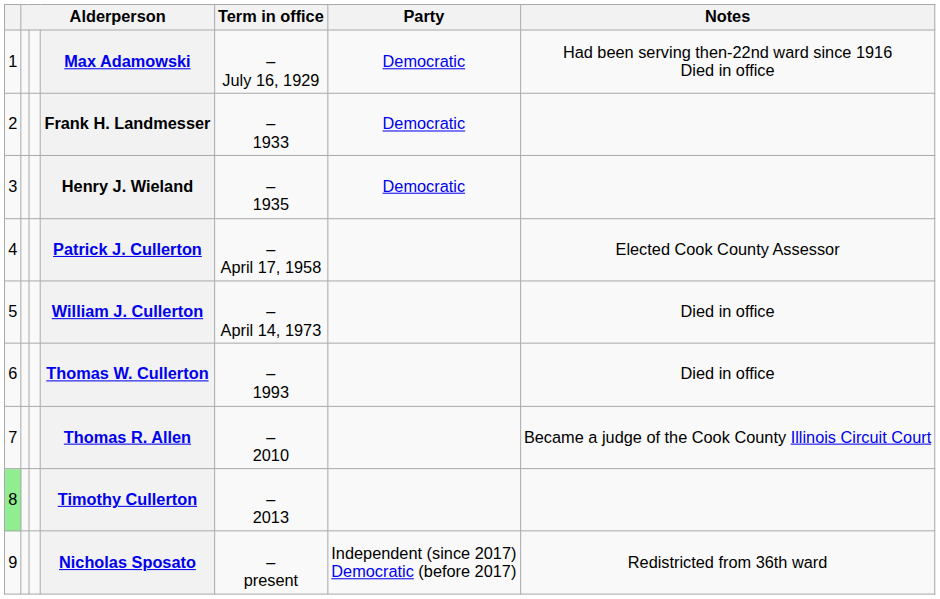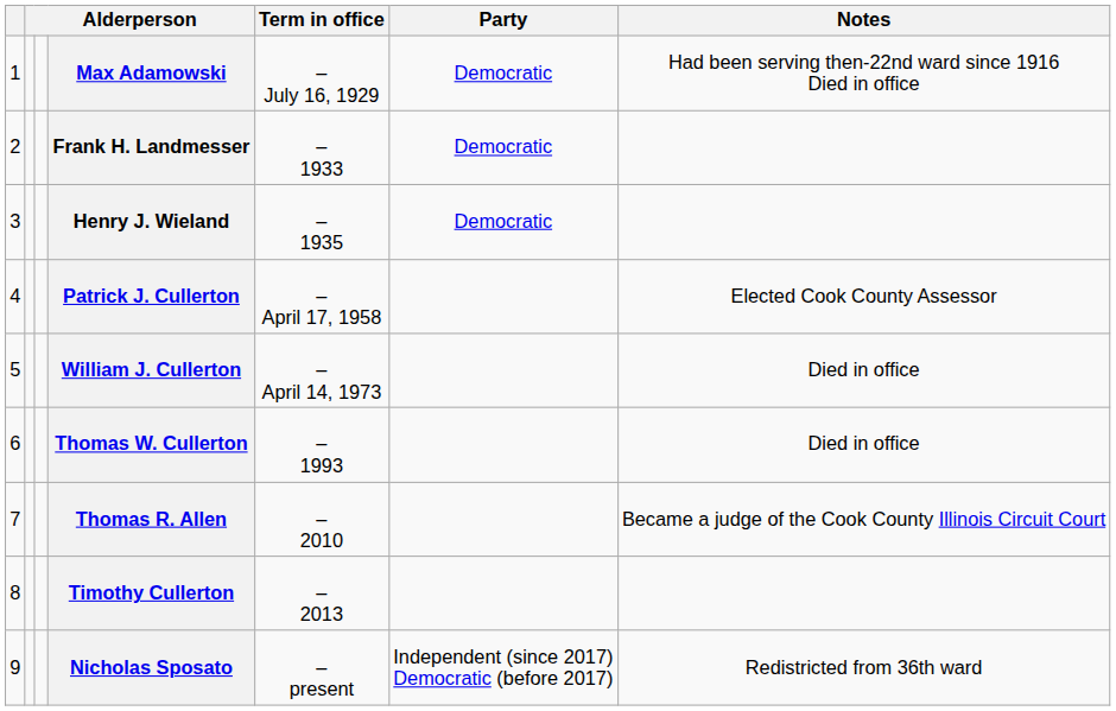 <table class="wikitable sortable" style="text-align:center;">
 <tr>
 <th scope="col"></th>
 <th scope="col" colspan="3">Alderperson</th>
 <th scope="col">Term in office</th>
 <th scope="col">Party</th>
 <th scope="col">Notes</th>
 </tr>
 <tr style="height:2em;">
 <td>1</td>
 <td></td>
 <td> </td>
 <th scope="row"><a href='#'>Max Adamowski</a></th>
 <td><br>–<br>July 16, 1929</td>
 <td><a href='#'>Democratic</a></td>
 <td>Had been serving then-22nd ward since 1916<br>Died in office</td>
 </tr>
 <tr style="height:2em;">
 <td>2</td>
 <td></td>
 <td> </td>
 <th scope="row">Frank H. Landmesser</th>
 <td><br>–<br>1933</td>
 <td><a href='#'>Democratic</a></td>
 <td></td>
 </tr>
 <tr style="height:2em;">
 <td>3</td>
 <td></td>
 <td> </td>
 <th scope="row">Henry J. Wieland</th>
 <td><br>–<br>1935</td>
 <td><a href='#'>Democratic</a></td>
 <td></td>
 </tr>
 <tr style="height:2em;">
 <td>4</td>
 <td></td>
 <td></td>
 <th scope="row"><a href='#'>Patrick J. Cullerton</a></th>
 <td><br>–<br>April 17, 1958</td>
 <td></td>
 <td>Elected Cook County Assessor</td>
 </tr>
 <tr style="height:2em;">
 <td>5</td>
 <td></td>
 <td></td>
 <th scope="row"><a href='#'>William J. Cullerton</a></th>
 <td><br>–<br>April 14, 1973</td>
 <td></td>
 <td>Died in office</td>
 </tr>
 <tr style="height:2em;">
 <td>6</td>
 <td></td>
 <td></td>
 <th scope="row"><a href='#'>Thomas W. Cullerton</a></th>
 <td><br>–<br>1993</td>
 <td></td>
 <td>Died in office</td>
 </tr>
 <tr style="height:2em;">
 <td>7</td>
 <td></td>
 <td></td>
 <th scope="row"><a href='#'>Thomas R. Allen</a></th>
 <td><br>–<br>2010</td>
 <td></td>
 <td>Became a judge of the Cook County <a href='#'>Illinois Circuit Court</a></td>
 </tr>
 <tr style="height:2em;">
-<td style="background: lightgreen;">8</td>
+<td>8</td>
 <td></td>
 <td></td>
 <th scope="row"><a href='#'>Timothy Cullerton</a></th>
 <td><br>–<br>2013</td>
 <td></td>
 <td></td>
 </tr>
 <tr style="height:2em;">
 <td>9</td>
 <td></td>
 <td></td>
 <th scope="row"><a href='#'>Nicholas Sposato</a></th>
 <td><br>–<br>present</td>
 <td>Independent (since 2017) <br> <a href='#'>Democratic</a> (before 2017)</td>
 <td>Redistricted from 36th ward</td>
 </tr>
 </table>
